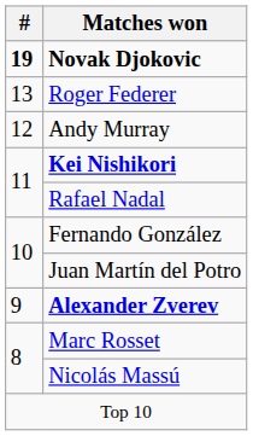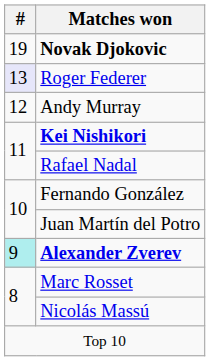 <table class="wikitable" style="display:inline-table;">
 <tr>
 <th width=20>#</th>
 <th>Matches won</th>
 </tr>
 <tr>
-<td><strong>19</strong></td>
+<td>19</td>
 <td> <strong>Novak Djokovic</strong></td>
 </tr>
 <tr>
-<td>13</td>
+<td style="background: lavender;">13</td>
 <td> <a href='#'>Roger Federer</a></td>
 </tr>
 <tr>
 <td>12</td>
 <td> Andy Murray</td>
 </tr>
 <tr>
 <td rowspan="2">11</td>
 <td> <strong><a href='#'>Kei Nishikori</a></strong></td>
 </tr>
 <tr>
 <td> <a href='#'>Rafael Nadal</a></td>
 </tr>
 <tr>
 <td rowspan="2">10</td>
 <td> Fernando González</td>
 </tr>
 <tr>
 <td> Juan Martín del Potro</td>
 </tr>
 <tr>
-<td>9</td>
+<td style="background: paleturquoise;">9</td>
 <td> <strong><a href='#'>Alexander Zverev</a></strong></td>
 </tr>
 <tr>
 <td rowspan="2">8</td>
 <td> <a href='#'>Marc Rosset</a></td>
 </tr>
 <tr>
 <td> <a href='#'>Nicolás Massú</a></td>
 </tr>
 <tr>
 <td colspan="2" style="text-align: center;"><small>Top 10</small></td>
 </tr>
 </table>
